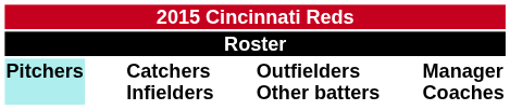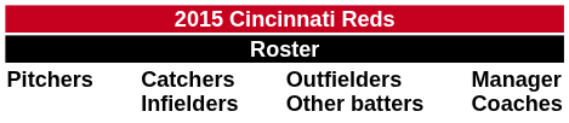 <table class="toccolours" style="font-size: 95%;">
 <tr>
 <th colspan="10" style="background-color: #c6011f; color: #FFFFFF; text-align: center;">2015 Cincinnati Reds</th>
 </tr>
 <tr>
 <td colspan="10" style="background-color: black; color: #FFFFFF; text-align: center;"><strong>Roster</strong></td>
 </tr>
 <tr>
-<td style="background: paleturquoise; vertical-align:top"><strong>Pitchers</strong><br>                           </td>
+<td style="vertical-align:top"><strong>Pitchers</strong><br>                           </td>
 <td width="25px"></td>
 <td style="vertical-align:top"><strong>Catchers</strong><br>    <strong>Infielders</strong>       </td>
 <td width="25px"></td>
 <td style="vertical-align:top"><strong>Outfielders</strong><br>          <strong>Other batters</strong> </td>
 <td width="25px"></td>
 <td style="vertical-align:top"><strong>Manager</strong><br> <strong>Coaches</strong>                    </td>
 </tr>
 </table>
